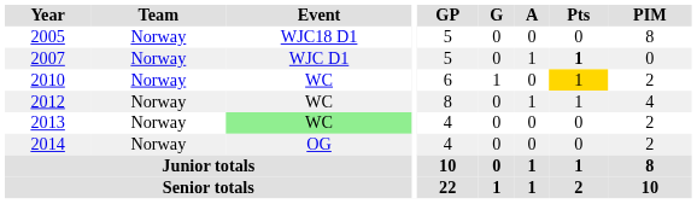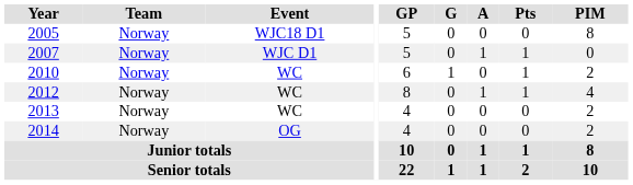 <table border="0" cellpadding="1" cellspacing="0" ID="Table3" style="text-align:center; width:40em">
 <tr ALIGN="center" bgcolor="#e0e0e0">
 <th>Year</th>
 <th>Team</th>
 <th>Event</th>
 <th rowspan="102" bgcolor="#ffffff"></th>
 <th>GP</th>
 <th>G</th>
 <th>A</th>
 <th>Pts</th>
 <th>PIM</th>
 </tr>
 <tr>
 <td><a href='#'>2005</a></td>
 <td><a href='#'>Norway</a></td>
 <td><a href='#'>WJC18 D1</a></td>
 <td>5</td>
 <td>0</td>
 <td>0</td>
 <td>0</td>
 <td>8</td>
 </tr>
 <tr bgcolor="#f0f0f0">
 <td><a href='#'>2007</a></td>
 <td><a href='#'>Norway</a></td>
 <td><a href='#'>WJC D1</a></td>
 <td>5</td>
 <td>0</td>
 <td>1</td>
-<td><strong>1</strong></td>
+<td>1</td>
 <td>0</td>
 </tr>
 <tr>
 <td><a href='#'>2010</a></td>
 <td><a href='#'>Norway</a></td>
 <td><a href='#'>WC</a></td>
 <td>6</td>
 <td>1</td>
 <td>0</td>
-<td style="background: gold;">1</td>
+<td>1</td>
 <td>2</td>
 </tr>
 <tr bgcolor="#f0f0f0">
 <td><a href='#'>2012</a></td>
 <td>Norway</td>
 <td>WC</td>
 <td>8</td>
 <td>0</td>
 <td>1</td>
 <td>1</td>
 <td>4</td>
 </tr>
 <tr>
 <td><a href='#'>2013</a></td>
 <td>Norway</td>
-<td style="background: lightgreen;">WC</td>
+<td>WC</td>
 <td>4</td>
 <td>0</td>
 <td>0</td>
 <td>0</td>
 <td>2</td>
 </tr>
 <tr bgcolor="#f0f0f0">
 <td><a href='#'>2014</a></td>
 <td>Norway</td>
 <td><a href='#'>OG</a></td>
 <td>4</td>
 <td>0</td>
 <td>0</td>
 <td>0</td>
 <td>2</td>
 </tr>
 <tr bgcolor="#e0e0e0">
 <th colspan=3>Junior totals</th>
 <th>10</th>
 <th>0</th>
 <th>1</th>
 <th>1</th>
 <th>8</th>
 </tr>
 <tr bgcolor="#e0e0e0">
 <th colspan=3>Senior totals</th>
 <th>22</th>
 <th>1</th>
 <th>1</th>
 <th>2</th>
 <th>10</th>
 </tr>
 </table>
